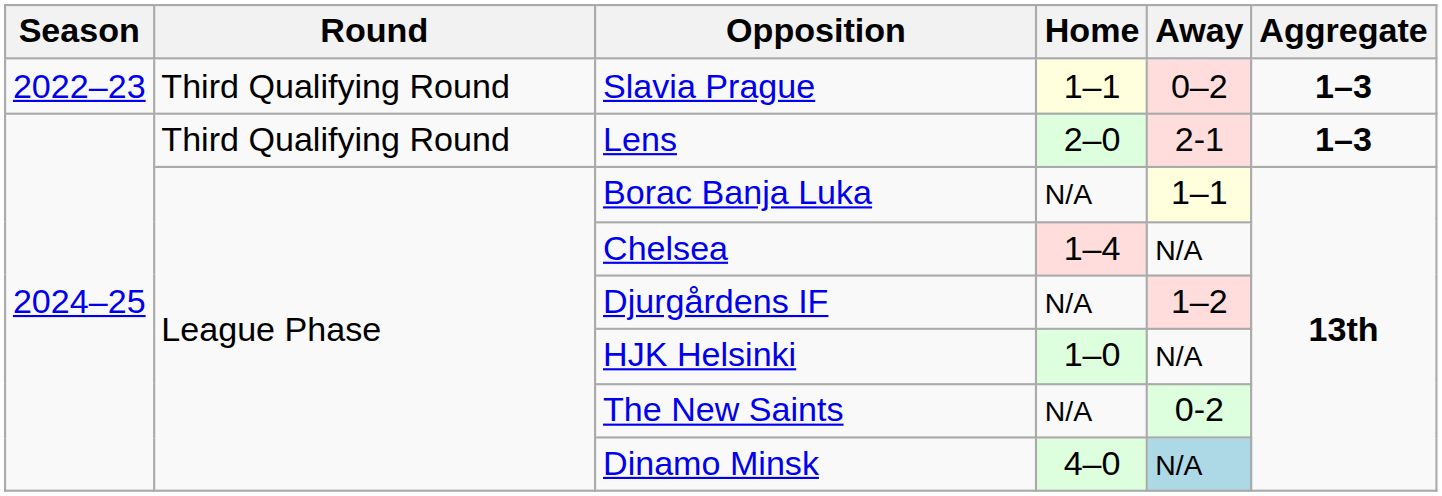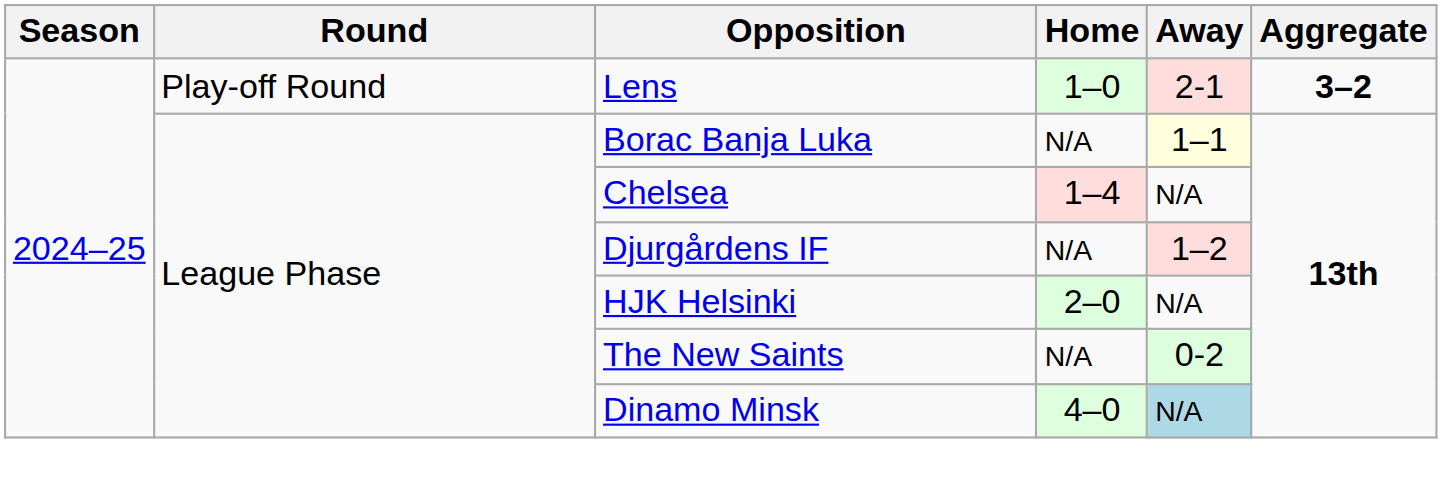 <table class="wikitable">
 <tr>
 <th>Season</th>
 <th width=200>Round</th>
 <th width=200>Opposition</th>
 <th>Home</th>
 <th>Away</th>
 <th>Aggregate</th>
 </tr>
 <tr>
-<td><a href='#'>2022–23</a></td>
-<td>Third Qualifying Round</td>
-<td> <a href='#'>Slavia Prague</a></td>
-<td style="text-align:center; background:#ffd;">1–1</td>
-<td style="text-align:center; background:#fdd;">0–2</td>
-<td style="text-align:center;"><strong>1–3</strong></td>
-</tr>
-<tr>
 <td rowspan=8><a href='#'>2024–25</a></td>
-<td>Third Qualifying Round</td>
+<td>Play-off Round</td>
 <td> <a href='#'>Lens</a></td>
-<td style="text-align:center; background:#dfd;">2–0</td>
+<td style="text-align:center; background:#dfd;">1–0</td>
 <td style="text-align:center; background:#fdd;">2-1</td>
-<td style="text-align:center;"><strong>1–3</strong></td>
+<td style="text-align:center;"><strong>3–2</strong></td>
 </tr>
 <tr>
 <td rowspan=6>League Phase</td>
 <td> <a href='#'>Borac Banja Luka</a></td>
 <td><span><small>N/A</small></span></td>
 <td style="text-align:center; background:#ffd;">1–1</td>
 <td style="text-align:center;" rowspan=6><strong>13th</strong></td>
 </tr>
 <tr>
 <td> <a href='#'>Chelsea</a></td>
 <td style="text-align:center; background:#fdd;">1–4</td>
 <td><span><small>N/A</small></span></td>
 </tr>
 <tr>
 <td> <a href='#'>Djurgårdens IF</a></td>
 <td><span><small>N/A</small></span></td>
 <td style="text-align:center; background:#fdd;">1–2</td>
 </tr>
 <tr>
 <td> <a href='#'>HJK Helsinki</a></td>
-<td style="text-align:center; background:#dfd;">1–0</td>
+<td style="text-align:center; background:#dfd;">2–0</td>
 <td><span><small>N/A</small></span></td>
 </tr>
 <tr>
 <td> <a href='#'>The New Saints</a></td>
 <td><span><small>N/A</small></span></td>
 <td style="text-align:center; background:#dfd;">0-2</td>
 </tr>
 <tr>
 <td> <a href='#'>Dinamo Minsk</a></td>
 <td style="text-align:center; background:#dfd;">4–0</td>
 <td style="background: lightblue;"><span><small>N/A</small></span></td>
 </tr>
 </table>
